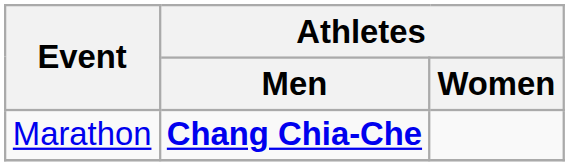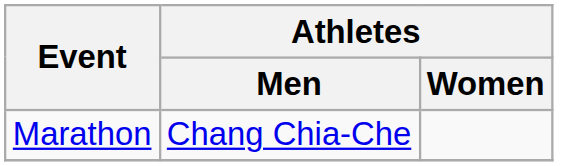 <table class=wikitable style="font-size:90%">
 <tr>
 <th rowspan=2>Event</th>
 <th colspan=2>Athletes</th>
 </tr>
 <tr>
 <th>Men</th>
 <th>Women</th>
 </tr>
 <tr>
 <td><a href='#'>Marathon</a></td>
-<td><strong><a href='#'>Chang Chia-Che</a></strong></td>
+<td><a href='#'>Chang Chia-Che</a></td>
 <td></td>
 </tr>
 <tr>
 </tr>
 </table>
